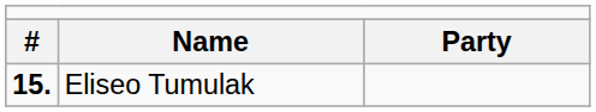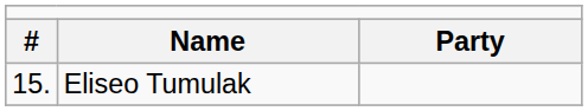 <table class=wikitable style="font-size:90%">
 <tr>
 <td colspan=4 bgcolor=></td>
 </tr>
 <tr>
 <th>#</th>
 <th width=150px>Name</th>
 <th colspan=2 width=110px>Party</th>
 </tr>
 <tr>
-<td><strong>15.</strong></td>
+<td>15.</td>
 <td>Eliseo Tumulak</td>
 <td></td>
 </tr>
 </table>
